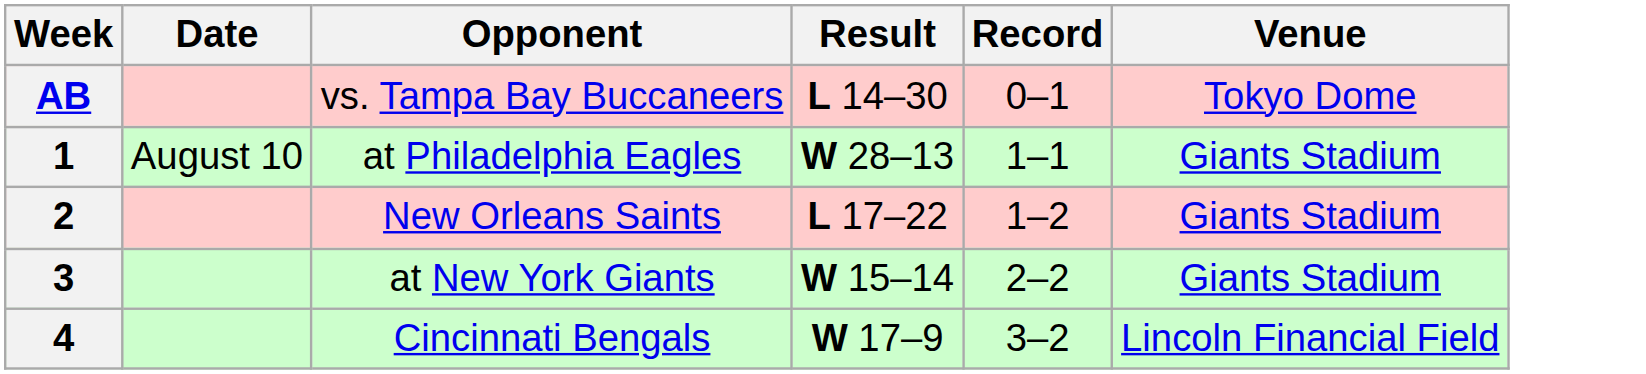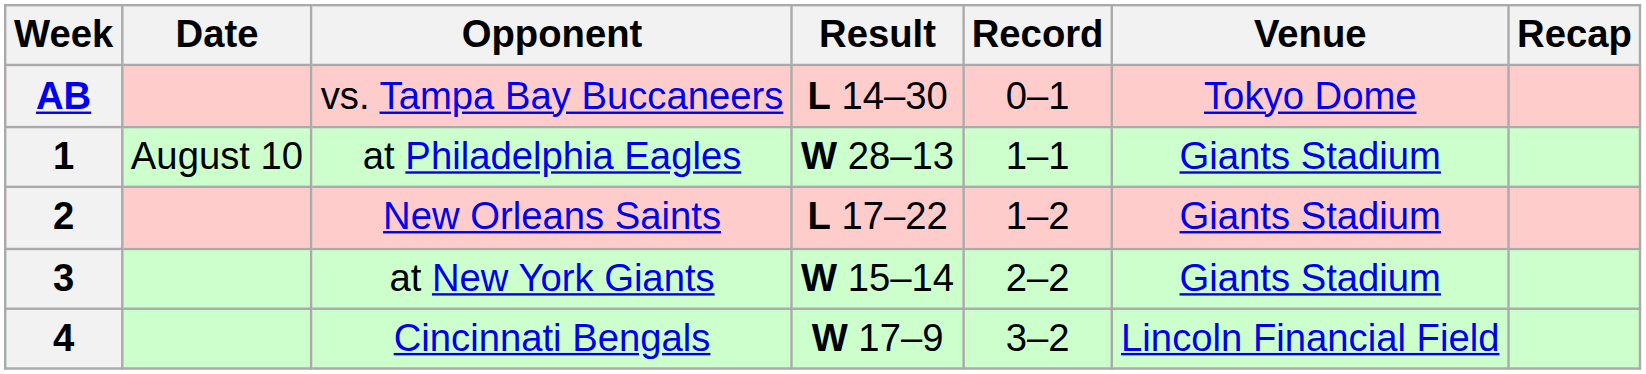 <table class="wikitable"style="text-align:center">
 <tr>
 <th>Week</th>
 <th>Date</th>
 <th>Opponent</th>
 <th>Result</th>
 <th>Record</th>
 <th>Venue</th>
+<th>Recap</th>
 </tr>
 <tr style="background:#fcc">
 <th><a href='#'>AB</a></th>
 <td></td>
 <td>vs. <a href='#'>Tampa Bay Buccaneers</a></td>
 <td><strong>L</strong> 14–30</td>
 <td>0–1</td>
 <td> <a href='#'>Tokyo Dome</a> </td>
+<td></td>
 </tr>
 <tr style="background:#cfc">
 <th>1</th>
 <td>August 10</td>
 <td>at <a href='#'>Philadelphia Eagles</a></td>
 <td><strong>W</strong> 28–13</td>
 <td>1–1</td>
 <td><a href='#'>Giants Stadium</a></td>
+<td></td>
 </tr>
 <tr style="background:#fcc">
 <th>2</th>
 <td></td>
 <td><a href='#'>New Orleans Saints</a></td>
 <td><strong>L</strong> 17–22</td>
 <td>1–2</td>
 <td><a href='#'>Giants Stadium</a></td>
+<td></td>
 </tr>
 <tr style="background:#cfc">
 <th>3</th>
 <td></td>
 <td>at <a href='#'>New York Giants</a></td>
 <td><strong>W</strong> 15–14</td>
 <td>2–2</td>
 <td><a href='#'>Giants Stadium</a></td>
+<td></td>
 </tr>
 <tr style="background:#cfc">
 <th>4</th>
 <td></td>
 <td><a href='#'>Cincinnati Bengals</a></td>
 <td><strong>W</strong> 17–9</td>
 <td>3–2</td>
 <td><a href='#'>Lincoln Financial Field</a></td>
+<td></td>
 </tr>
 </table>
